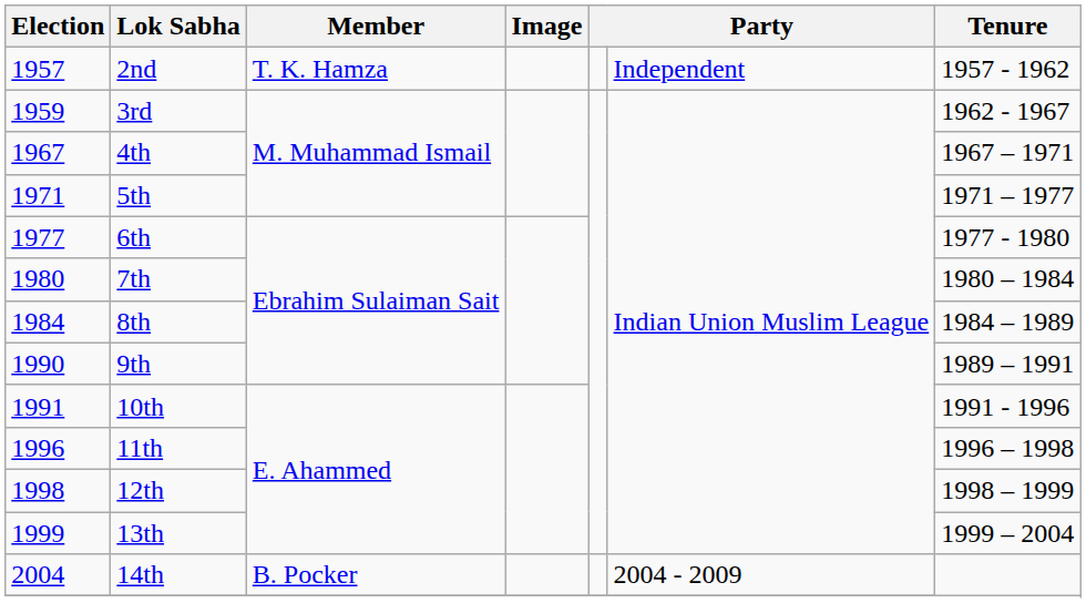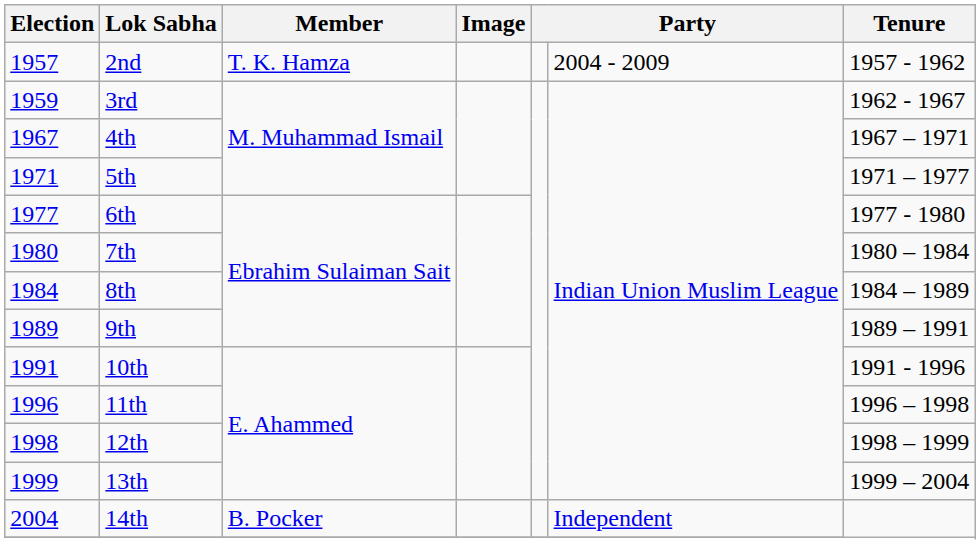 <table class="wikitable sortable">
 <tr>
 <th>Election</th>
 <th>Lok Sabha</th>
 <th>Member</th>
 <th>Image</th>
 <th colspan="2">Party</th>
 <th>Tenure</th>
 </tr>
 <tr>
 <td><a href='#'>1957</a></td>
 <td><a href='#'>2nd</a></td>
 <td><a href='#'>T. K. Hamza</a></td>
 <td></td>
 <td width="4px" style="background-color: "></td>
-<td><a href='#'>Independent</a></td>
+<td>2004 - 2009</td>
 <td>1957 - 1962</td>
 </tr>
 <tr>
 <td><a href='#'>1959</a></td>
 <td><a href='#'>3rd</a></td>
 <td rowspan="3"><a href='#'>M. Muhammad Ismail</a></td>
 <td rowspan=3></td>
 <td rowspan="11" width="4px" style="background-color: "></td>
 <td rowspan="11"><a href='#'>Indian Union Muslim League</a></td>
 <td>1962 - 1967</td>
 </tr>
 <tr>
 <td><a href='#'>1967</a></td>
 <td><a href='#'>4th</a></td>
 <td>1967 – 1971</td>
 </tr>
 <tr>
 <td><a href='#'>1971</a></td>
 <td><a href='#'>5th</a></td>
 <td>1971 – 1977</td>
 </tr>
 <tr>
 <td><a href='#'>1977</a></td>
 <td><a href='#'>6th</a></td>
 <td rowspan="4"><a href='#'>Ebrahim Sulaiman Sait</a></td>
 <td rowspan=4></td>
 <td>1977 - 1980</td>
 </tr>
 <tr>
 <td><a href='#'>1980</a></td>
 <td><a href='#'>7th</a></td>
 <td>1980 – 1984</td>
 </tr>
 <tr>
 <td><a href='#'>1984</a></td>
 <td><a href='#'>8th</a></td>
 <td>1984 – 1989</td>
 </tr>
 <tr>
-<td><a href='#'>1990</a></td>
+<td><a href='#'>1989</a></td>
 <td><a href='#'>9th</a></td>
 <td>1989 – 1991</td>
 </tr>
 <tr>
 <td><a href='#'>1991</a></td>
 <td><a href='#'>10th</a></td>
 <td rowspan="4"><a href='#'>E. Ahammed</a></td>
 <td rowspan=4></td>
 <td>1991 - 1996</td>
 </tr>
 <tr>
 <td><a href='#'>1996</a></td>
 <td><a href='#'>11th</a></td>
 <td>1996 – 1998</td>
 </tr>
 <tr>
 <td><a href='#'>1998</a></td>
 <td><a href='#'>12th</a></td>
 <td>1998 – 1999</td>
 </tr>
 <tr>
 <td><a href='#'>1999</a></td>
 <td><a href='#'>13th</a></td>
 <td>1999 – 2004</td>
 </tr>
 <tr>
 <td><a href='#'>2004</a></td>
 <td><a href='#'>14th</a></td>
 <td><a href='#'>B. Pocker</a></td>
 <td></td>
 <td></td>
-<td>2004 - 2009</td>
+<td><a href='#'>Independent</a></td>
 </tr>
 <tr>
 </tr>
 </table>
